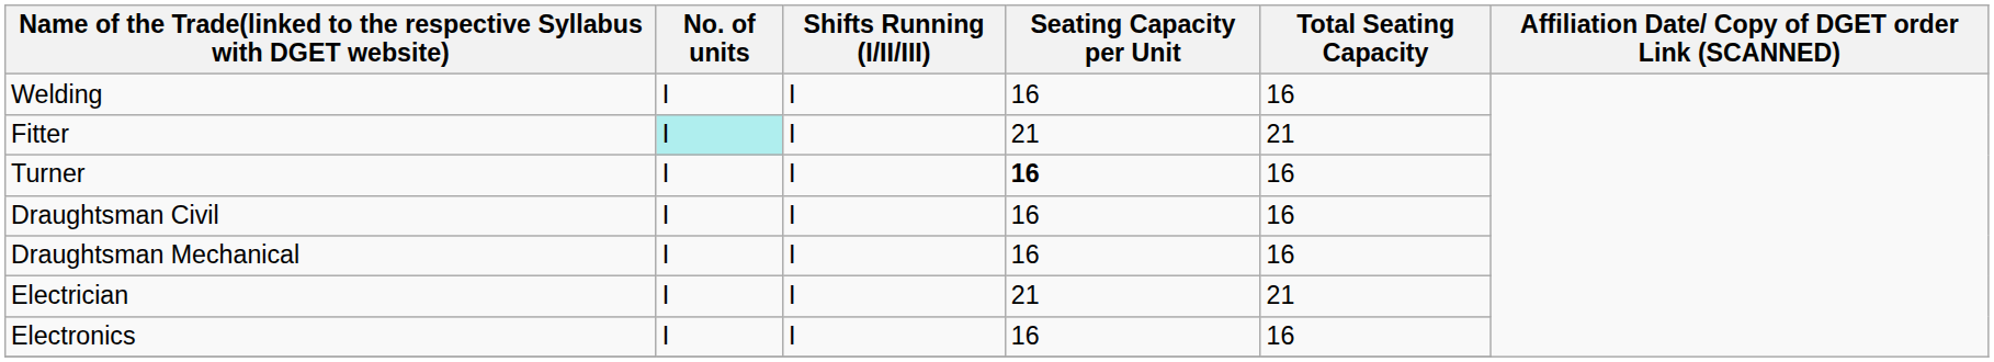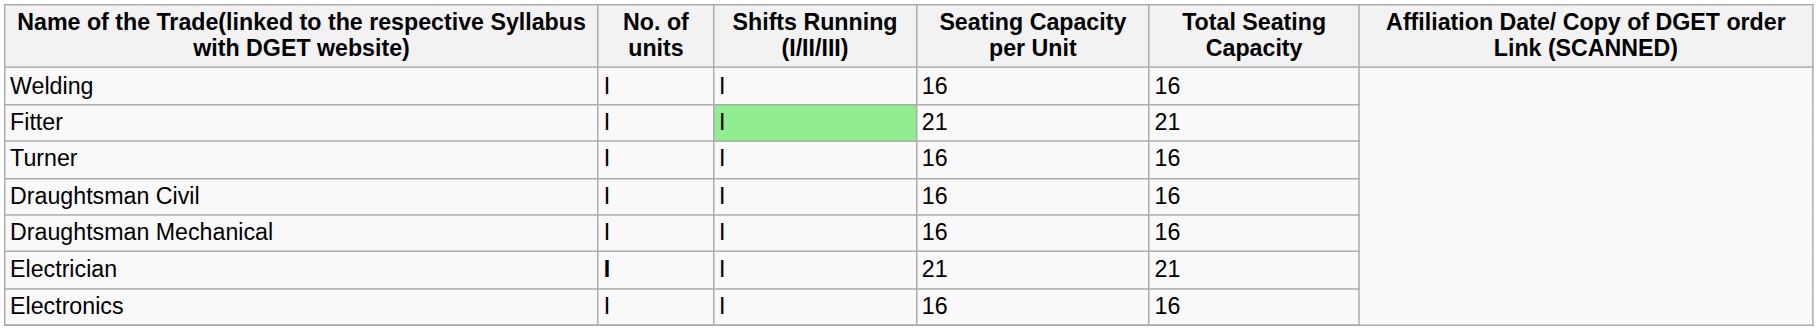 <table class="wikitable sortable">
 <tr>
 <th>Name of the Trade(linked to the respective Syllabus with DGET website)</th>
 <th>No. of units</th>
 <th>Shifts Running (I/II/III)</th>
 <th>Seating Capacity per Unit</th>
 <th>Total Seating Capacity</th>
 <th>Affiliation Date/ Copy of DGET order Link (SCANNED)</th>
 </tr>
 <tr>
 <td>Welding</td>
 <td>I</td>
 <td>I</td>
 <td>16</td>
 <td>16</td>
 </tr>
 <tr>
 <td>Fitter</td>
-<td style="background: paleturquoise;">I</td>
 <td>I</td>
+<td style="background: lightgreen;">I</td>
 <td>21</td>
 <td>21</td>
 </tr>
 <tr>
 <td>Turner</td>
 <td>I</td>
 <td>I</td>
-<td><strong>16</strong></td>
+<td>16</td>
 <td>16</td>
 </tr>
 <tr>
 <td>Draughtsman Civil</td>
 <td>I</td>
 <td>I</td>
 <td>16</td>
 <td>16</td>
 </tr>
 <tr>
 <td>Draughtsman Mechanical</td>
 <td>I</td>
 <td>I</td>
 <td>16</td>
 <td>16</td>
 </tr>
 <tr>
 <td>Electrician</td>
-<td>I</td>
+<td><strong>I</strong></td>
 <td>I</td>
 <td>21</td>
 <td>21</td>
 </tr>
 <tr>
 <td>Electronics</td>
 <td>I</td>
 <td>I</td>
 <td>16</td>
 <td>16</td>
 </tr>
 <tr>
 </tr>
 </table>
